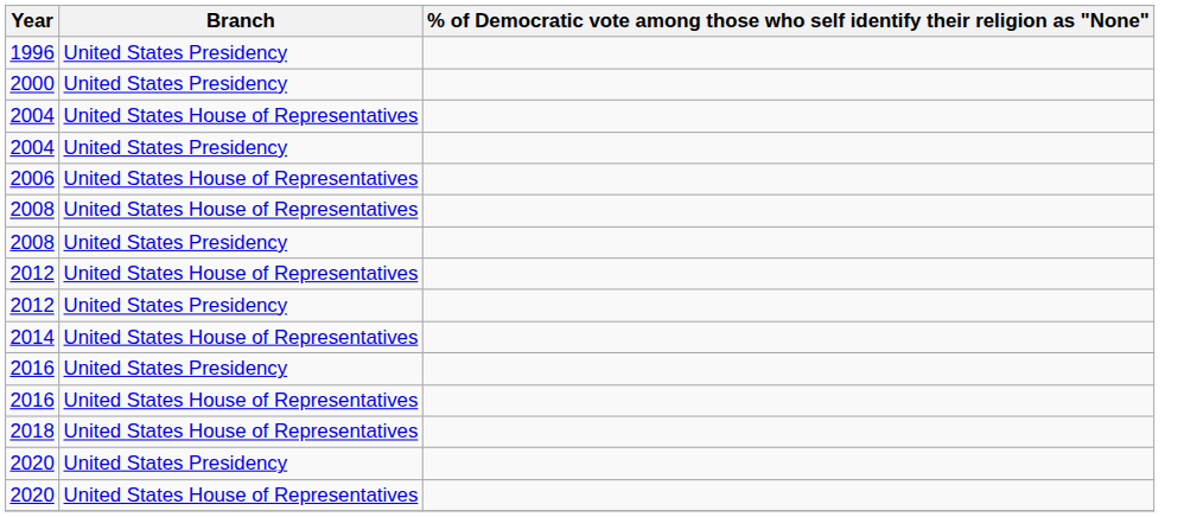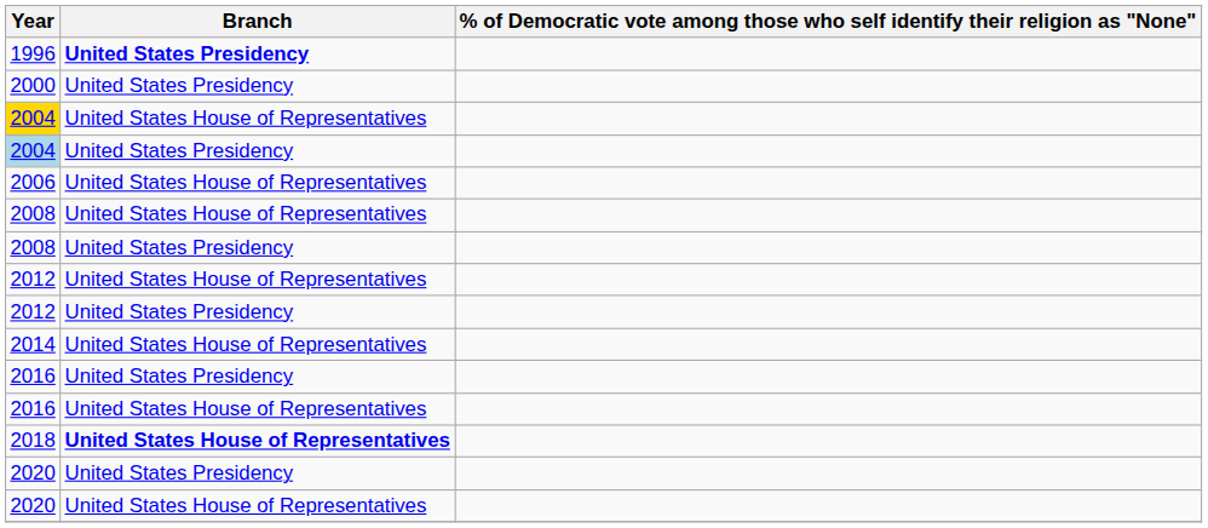 <table class="wikitable sortable collapsible">
 <tr>
 <th>Year</th>
 <th>Branch</th>
 <th colspan="2">% of Democratic vote among those who self identify their religion as "None"</th>
 </tr>
 <tr>
 <td><a href='#'>1996</a></td>
-<td><a href='#'>United States Presidency</a></td>
+<td><strong><a href='#'>United States Presidency</a></strong></td>
 <td align=right></td>
 </tr>
 <tr>
 <td><a href='#'>2000</a></td>
 <td><a href='#'>United States Presidency</a></td>
 <td align=right></td>
 </tr>
 <tr>
-<td><a href='#'>2004</a></td>
+<td style="background: gold;"><a href='#'>2004</a></td>
 <td><a href='#'>United States House of Representatives</a></td>
 <td align=right></td>
 </tr>
 <tr>
-<td><a href='#'>2004</a></td>
+<td style="background: lightblue;"><a href='#'>2004</a></td>
 <td><a href='#'>United States Presidency</a></td>
 <td align=right></td>
 </tr>
 <tr>
 <td><a href='#'>2006</a></td>
 <td><a href='#'>United States House of Representatives</a></td>
 <td align=right></td>
 </tr>
 <tr>
 <td><a href='#'>2008</a></td>
 <td><a href='#'>United States House of Representatives</a></td>
 <td align=right></td>
 </tr>
 <tr>
 <td><a href='#'>2008</a></td>
 <td><a href='#'>United States Presidency</a></td>
 <td align=right></td>
 </tr>
 <tr>
 <td><a href='#'>2012</a></td>
 <td><a href='#'>United States House of Representatives</a></td>
 <td align=right></td>
 </tr>
 <tr>
 <td><a href='#'>2012</a></td>
 <td><a href='#'>United States Presidency</a></td>
 <td align=right></td>
 </tr>
 <tr>
 <td><a href='#'>2014</a></td>
 <td><a href='#'>United States House of Representatives</a></td>
 <td align=right></td>
 </tr>
 <tr>
 <td><a href='#'>2016</a></td>
 <td><a href='#'>United States Presidency</a></td>
 <td align=right></td>
 </tr>
 <tr>
 <td><a href='#'>2016</a></td>
 <td><a href='#'>United States House of Representatives</a></td>
 <td align=right></td>
 </tr>
 <tr>
 <td><a href='#'>2018</a></td>
-<td><a href='#'>United States House of Representatives</a></td>
+<td><strong><a href='#'>United States House of Representatives</a></strong></td>
 <td align=right></td>
 </tr>
 <tr>
 <td><a href='#'>2020</a></td>
 <td><a href='#'>United States Presidency</a></td>
 <td align=right></td>
 </tr>
 <tr>
 <td><a href='#'>2020</a></td>
 <td><a href='#'>United States House of Representatives</a></td>
 <td align=right></td>
 </tr>
 <tr>
 </tr>
 </table>
